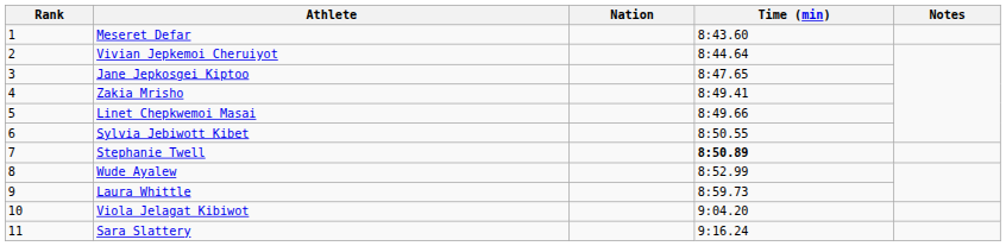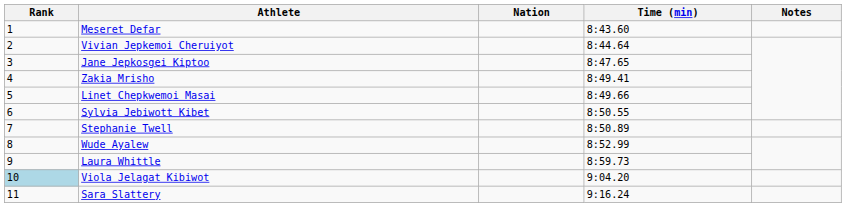 <table class="wikitable" style="text=align:center;" width=85%>
 <tr>
 <th>Rank</th>
 <th>Athlete</th>
 <th>Nation</th>
 <th>Time (<a href='#'>min</a>)</th>
 <th>Notes</th>
 </tr>
 <tr>
 <td>1</td>
 <td><a href='#'>Meseret Defar</a></td>
 <td></td>
 <td>8:43.60</td>
 <td></td>
 </tr>
 <tr>
 <td>2</td>
 <td><a href='#'>Vivian Jepkemoi Cheruiyot</a></td>
 <td></td>
 <td>8:44.64</td>
 </tr>
 <tr>
 <td>3</td>
 <td><a href='#'>Jane Jepkosgei Kiptoo</a></td>
 <td></td>
 <td>8:47.65</td>
 </tr>
 <tr>
 <td>4</td>
 <td><a href='#'>Zakia Mrisho</a></td>
 <td></td>
 <td>8:49.41</td>
 </tr>
 <tr>
 <td>5</td>
 <td><a href='#'>Linet Chepkwemoi Masai</a></td>
 <td></td>
 <td>8:49.66</td>
 </tr>
 <tr>
 <td>6</td>
 <td><a href='#'>Sylvia Jebiwott Kibet</a></td>
 <td></td>
 <td>8:50.55</td>
 </tr>
 <tr>
 <td>7</td>
 <td><a href='#'>Stephanie Twell</a></td>
 <td></td>
-<td><strong>8:50.89</strong></td>
+<td>8:50.89</td>
 <td></td>
 </tr>
 <tr>
 <td>8</td>
 <td><a href='#'>Wude Ayalew</a></td>
 <td></td>
 <td>8:52.99</td>
 </tr>
 <tr>
 <td>9</td>
 <td><a href='#'>Laura Whittle</a></td>
 <td></td>
 <td>8:59.73</td>
 </tr>
 <tr>
-<td>10</td>
+<td style="background: lightblue;">10</td>
 <td><a href='#'>Viola Jelagat Kibiwot</a></td>
 <td></td>
 <td>9:04.20</td>
 <td></td>
 </tr>
 <tr>
 <td>11</td>
 <td><a href='#'>Sara Slattery</a></td>
 <td></td>
 <td>9:16.24</td>
 </tr>
 </table>
